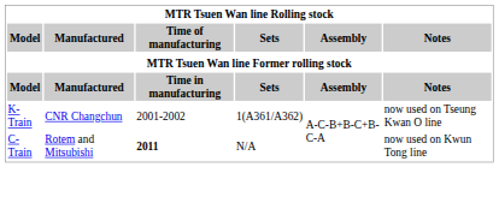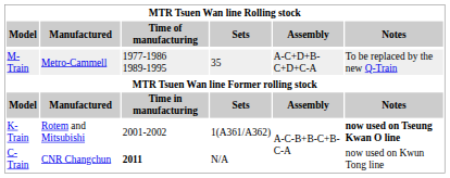 <table border=0 style="border:1px solid #999;background-color:white;text-align:left;font-size:90%">
 <tr align=center>
 <th colspan="6">MTR Tsuen Wan line Rolling stock</th>
 </tr>
 <tr align=center bgcolor=#cccccc>
 <th>Model</th>
 <th>Manufactured</th>
 <th>Time of manufacturing</th>
 <th>Sets</th>
 <th>Assembly</th>
 <th>Notes</th>
 </tr>
 <tr>
+</tr>
+<tr bgcolor=#EFEFEF>
+<td><a href='#'>M-Train</a></td>
+<td><a href='#'>Metro-Cammell</a></td>
+<td>1977-1986<br>1989-1995</td>
+<td>35</td>
+<td>A-C+D+B-C+D+C-A</td>
+<td>To be replaced by the new <a href='#'>Q-Train</a></td>
 </tr>
 <tr>
 </tr>
 <tr align=center>
 <th colspan="6">MTR Tsuen Wan line Former rolling stock</th>
 </tr>
 <tr align=center bgcolor=#cccccc>
 <th>Model</th>
 <th>Manufactured</th>
 <th>Time in manufacturing</th>
 <th>Sets</th>
 <th>Assembly</th>
 <th>Notes</th>
 </tr>
 <tr>
 <td><a href='#'>K-Train</a></td>
-<td><a href='#'>CNR Changchun</a></td>
+<td><a href='#'>Rotem</a> and <a href='#'>Mitsubishi</a></td>
 <td>2001-2002</td>
 <td>1(A361/A362)</td>
 <td rowspan="2">A-C-B+B-C+B-C-A</td>
-<td>now used on Tseung Kwan O line</td>
+<td><strong>now used on Tseung Kwan O line</strong></td>
 </tr>
 <tr>
 <td><a href='#'>C-Train</a></td>
-<td><a href='#'>Rotem</a> and <a href='#'>Mitsubishi</a></td>
+<td><a href='#'>CNR Changchun</a></td>
 <td><strong>2011</strong></td>
 <td>N/A</td>
 <td>now used on Kwun Tong line</td>
 </tr>
 </table>
